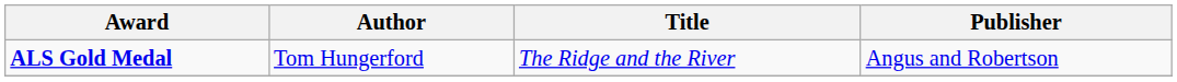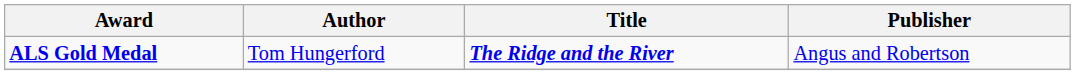 <table class="wikitable" width=95%>
 <tr>
 <th>Award</th>
 <th>Author</th>
 <th>Title</th>
 <th>Publisher</th>
 </tr>
 <tr>
 <td><strong><a href='#'>ALS Gold Medal</a></strong></td>
 <td><a href='#'>Tom Hungerford</a></td>
-<td><em><a href='#'>The Ridge and the River</a></em></td>
+<td><strong><em><a href='#'>The Ridge and the River</a></em></strong></td>
 <td><a href='#'>Angus and Robertson</a></td>
 </tr>
 <tr>
 </tr>
 </table>
